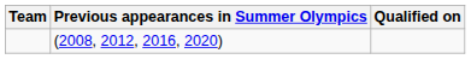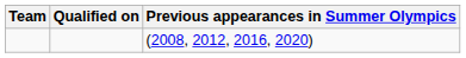 <table class="wikitable sortable">
 <tr>
 <th>Team</th>
+<th>Qualified on</th>
 <th data-sort-type="number">Previous appearances in <a href='#'>Summer Olympics</a></th>
-<th>Qualified on</th>
 </tr>
 <tr>
 <td></td>
+<td></td>
 <td> (<a href='#'>2008</a>, <a href='#'>2012</a>, <a href='#'>2016</a>, <a href='#'>2020</a>)</td>
-<td></td>
 </tr>
 </table>
